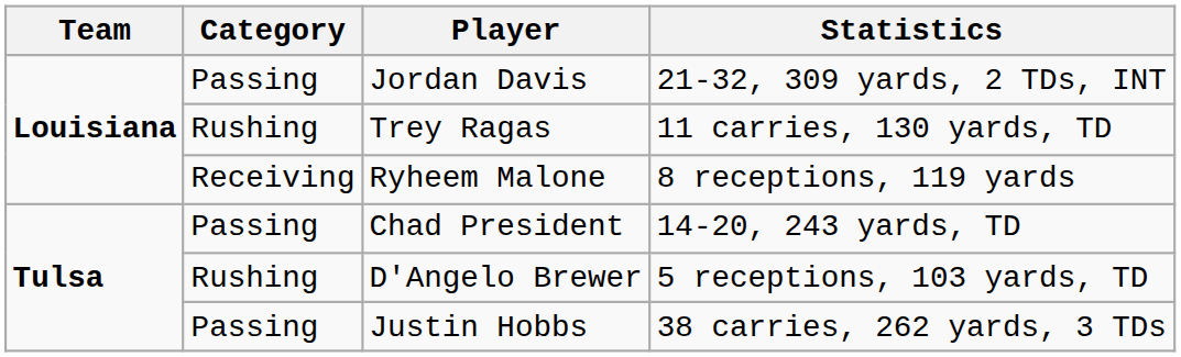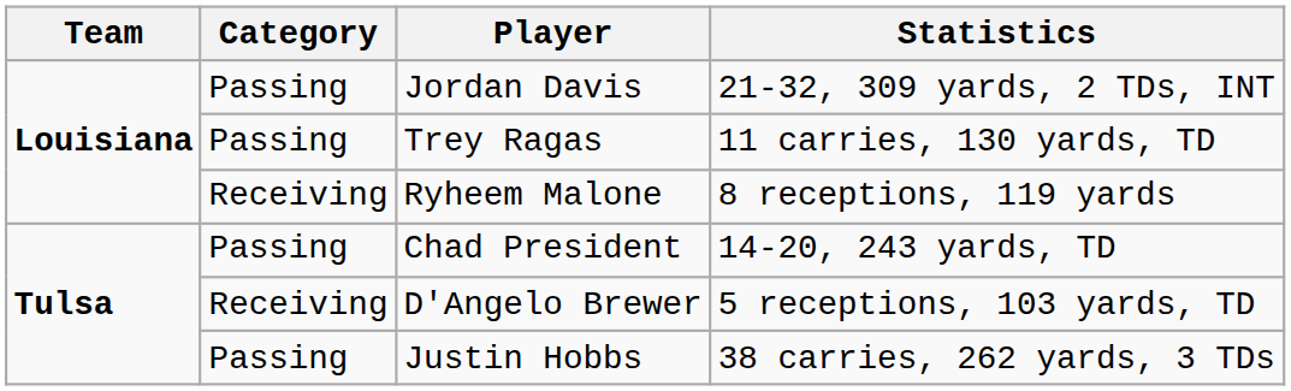 <table class="wikitable" style="float: left;">
 <tr>
 <th>Team</th>
 <th>Category</th>
 <th>Player</th>
 <th>Statistics</th>
 </tr>
 <tr>
 <td rowspan=3><strong>Louisiana</strong></td>
 <td>Passing</td>
 <td>Jordan Davis</td>
 <td>21-32, 309 yards, 2 TDs, INT</td>
 </tr>
 <tr>
-<td>Rushing</td>
+<td>Passing</td>
 <td>Trey Ragas</td>
 <td>11 carries, 130 yards, TD</td>
 </tr>
 <tr>
 <td>Receiving</td>
 <td>Ryheem Malone</td>
 <td>8 receptions, 119 yards</td>
 </tr>
 <tr>
 <td rowspan=3><strong>Tulsa</strong></td>
 <td>Passing</td>
 <td>Chad President</td>
 <td>14-20, 243 yards, TD</td>
 </tr>
 <tr>
-<td>Rushing</td>
+<td>Receiving</td>
 <td>D'Angelo Brewer</td>
 <td>5 receptions, 103 yards, TD</td>
 </tr>
 <tr>
 <td>Passing</td>
 <td>Justin Hobbs</td>
 <td>38 carries, 262 yards, 3 TDs</td>
 </tr>
 </table>
